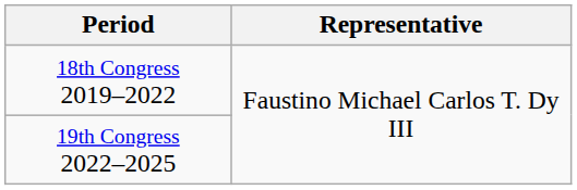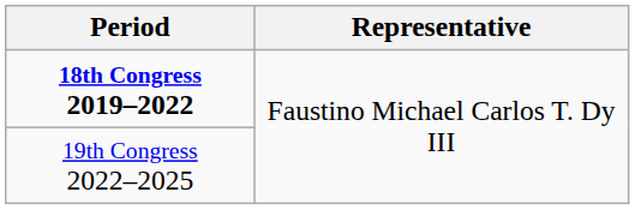 <table class="wikitable" style="text-align:center; width:40%;">
 <tr>
 <th width="40%">Period</th>
 <th>Representative</th>
 </tr>
 <tr>
-<td><small><a href='#'>18th Congress</a></small><br>2019–2022</td>
+<td><strong><small><a href='#'>18th Congress</a></small><br>2019–2022</strong></td>
 <td rowspan="2">Faustino Michael Carlos T. Dy III</td>
 </tr>
 <tr>
 <td><small><a href='#'>19th Congress</a></small><br>2022–2025</td>
 </tr>
 </table>
